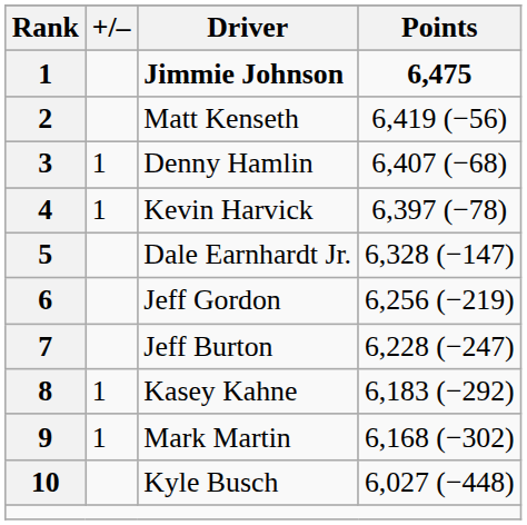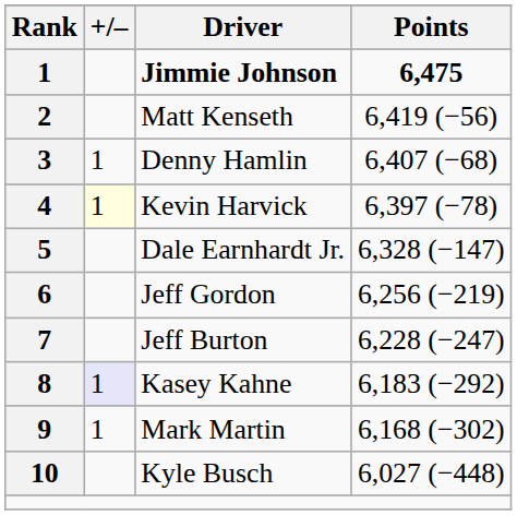 <table class="wikitable">
 <tr>
 </tr>
 <tr>
 <th scope="col">Rank</th>
 <th scope="col">+/–</th>
 <th scope="col">Driver</th>
 <th scope="col">Points</th>
 </tr>
 <tr>
 <th scope="row">1</th>
 <td align="left"></td>
 <td><strong>Jimmie Johnson</strong></td>
 <td style="text-align:center;"><strong>6,475</strong></td>
 </tr>
 <tr>
 <th scope="row">2</th>
 <td align="left"></td>
 <td>Matt Kenseth</td>
 <td style="text-align:center;">6,419 (−56)</td>
 </tr>
 <tr>
 <th scope="row">3</th>
 <td align="left"> 1</td>
 <td>Denny Hamlin</td>
 <td style="text-align:center;">6,407 (−68)</td>
 </tr>
 <tr>
 <th scope="row">4</th>
-<td align="left"> 1</td>
+<td align="left" style="background: lightyellow;"> 1</td>
 <td>Kevin Harvick</td>
 <td style="text-align:center;">6,397 (−78)</td>
 </tr>
 <tr>
 <th scope="row">5</th>
 <td align="left"></td>
 <td>Dale Earnhardt Jr.</td>
 <td style="text-align:center;">6,328 (−147)</td>
 </tr>
 <tr>
 <th scope="row">6</th>
 <td align="left"></td>
 <td>Jeff Gordon</td>
 <td style="text-align:center;">6,256 (−219)</td>
 </tr>
 <tr>
 <th scope="row">7</th>
 <td align="left"></td>
 <td>Jeff Burton</td>
 <td style="text-align:center;">6,228 (−247)</td>
 </tr>
 <tr>
 <th scope="row">8</th>
-<td align="left"> 1</td>
+<td align="left" style="background: lavender;"> 1</td>
 <td>Kasey Kahne</td>
 <td style="text-align:center;">6,183 (−292)</td>
 </tr>
 <tr>
 <th scope="row">9</th>
 <td align="left"> 1</td>
 <td>Mark Martin</td>
 <td style="text-align:center;">6,168 (−302)</td>
 </tr>
 <tr>
 <th scope="row">10</th>
 <td align="left"></td>
 <td>Kyle Busch</td>
 <td style="text-align:center;">6,027 (−448)</td>
 </tr>
 <tr class="sortbottom">
 <td colspan="9"></td>
 </tr>
 </table>
